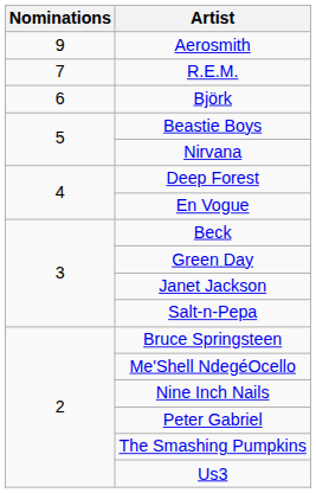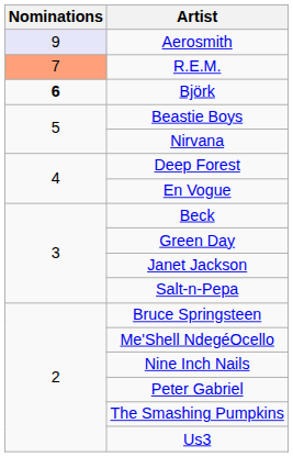 <table class="wikitable" rowspan="2" style="text-align:center">
 <tr>
 <th scope="col" style="width:55px;">Nominations</th>
 <th scope="col" style="text-align:center;">Artist</th>
 </tr>
 <tr>
-<td style="text-align:center">9</td>
+<td style="background: lavender; text-align:center">9</td>
 <td><a href='#'>Aerosmith</a></td>
 </tr>
 <tr>
-<td style="text-align:center">7</td>
+<td style="background: lightsalmon; text-align:center">7</td>
 <td><a href='#'>R.E.M.</a></td>
 </tr>
 <tr>
-<td style="text-align:center">6</td>
+<td style="text-align:center"><strong>6</strong></td>
 <td><a href='#'>Björk</a></td>
 </tr>
 <tr>
 <td rowspan="2" style="text-align:center">5</td>
 <td><a href='#'>Beastie Boys</a></td>
 </tr>
 <tr>
 <td><a href='#'>Nirvana</a></td>
 </tr>
 <tr>
 <td rowspan="2" style="text-align:center">4</td>
 <td><a href='#'>Deep Forest</a></td>
 </tr>
 <tr>
 <td><a href='#'>En Vogue</a></td>
 </tr>
 <tr>
 <td rowspan="4" style="text-align:center">3</td>
 <td><a href='#'>Beck</a></td>
 </tr>
 <tr>
 <td><a href='#'>Green Day</a></td>
 </tr>
 <tr>
 <td><a href='#'>Janet Jackson</a></td>
 </tr>
 <tr>
 <td><a href='#'>Salt-n-Pepa</a></td>
 </tr>
 <tr>
 <td rowspan="6" style="text-align:center">2</td>
 <td><a href='#'>Bruce Springsteen</a></td>
 </tr>
 <tr>
 <td><a href='#'>Me'Shell NdegéOcello</a></td>
 </tr>
 <tr>
 <td><a href='#'>Nine Inch Nails</a></td>
 </tr>
 <tr>
 <td><a href='#'>Peter Gabriel</a></td>
 </tr>
 <tr>
 <td><a href='#'>The Smashing Pumpkins</a></td>
 </tr>
 <tr>
 <td><a href='#'>Us3</a></td>
 </tr>
 </table>
